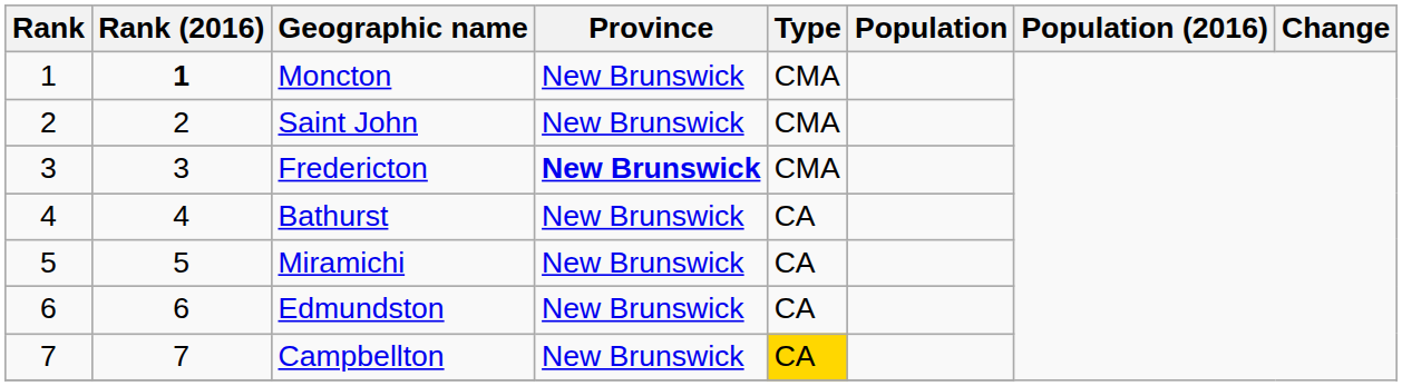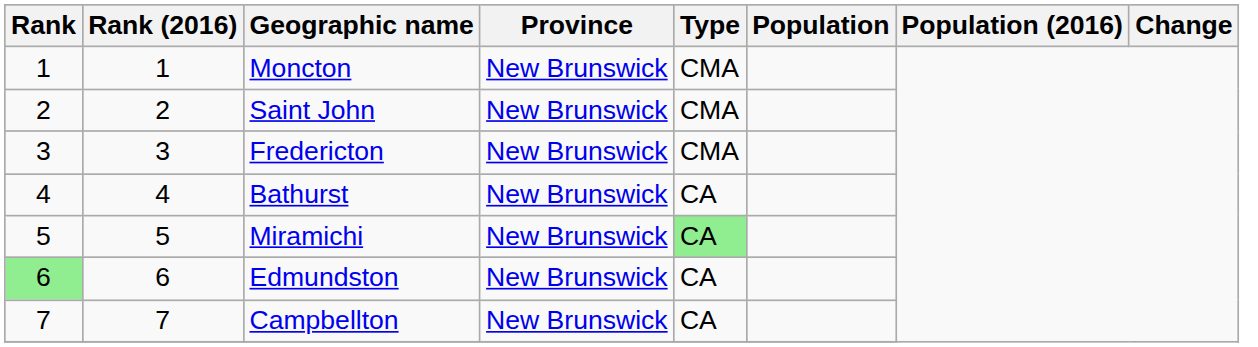 <table class="wikitable sortable">
 <tr>
 <th>Rank </th>
 <th>Rank (2016)</th>
 <th>Geographic name</th>
 <th>Province</th>
 <th>Type</th>
 <th>Population </th>
 <th>Population (2016)</th>
 <th>Change</th>
 </tr>
 <tr>
 <td style="text-align: center;">1</td>
-<td style="text-align: center;"><strong>1</strong></td>
+<td style="text-align: center;">1</td>
 <td><a href='#'>Moncton</a></td>
 <td><a href='#'>New Brunswick</a></td>
 <td>CMA</td>
 <td></td>
 </tr>
 <tr>
 <td style="text-align: center;">2</td>
 <td style="text-align: center;">2</td>
 <td><a href='#'>Saint John</a></td>
 <td><a href='#'>New Brunswick</a></td>
 <td>CMA</td>
 <td></td>
 </tr>
 <tr>
 <td style="text-align: center;">3</td>
 <td style="text-align: center;">3</td>
 <td><a href='#'>Fredericton</a></td>
-<td><strong><a href='#'>New Brunswick</a></strong></td>
+<td><a href='#'>New Brunswick</a></td>
 <td>CMA</td>
 <td></td>
 </tr>
 <tr>
 <td style="text-align: center;">4</td>
 <td style="text-align: center;">4</td>
 <td><a href='#'>Bathurst</a></td>
 <td><a href='#'>New Brunswick</a></td>
 <td>CA</td>
 <td></td>
 </tr>
 <tr>
 <td style="text-align: center;">5</td>
 <td style="text-align: center;">5</td>
 <td><a href='#'>Miramichi</a></td>
 <td><a href='#'>New Brunswick</a></td>
-<td>CA</td>
+<td style="background: lightgreen;">CA</td>
 <td></td>
 </tr>
 <tr>
-<td style="text-align: center;">6</td>
+<td style="background: lightgreen; text-align: center;">6</td>
 <td style="text-align: center;">6</td>
 <td><a href='#'>Edmundston</a></td>
 <td><a href='#'>New Brunswick</a></td>
 <td>CA</td>
 <td></td>
 </tr>
 <tr>
 <td style="text-align: center;">7</td>
 <td style="text-align: center;">7</td>
 <td><a href='#'>Campbellton</a></td>
 <td><a href='#'>New Brunswick</a></td>
-<td style="background: gold;">CA</td>
+<td>CA</td>
 <td></td>
 </tr>
 <tr>
 </tr>
 </table>
